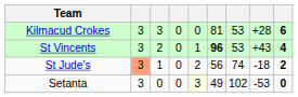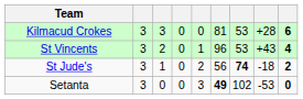 <table class="wikitable" style="text-align:center">
 <tr>
 <th style="width:175px;">Team</th>
 <th width="20"></th>
 <th width="20"></th>
 <th width="20"></th>
 <th width="20"></th>
 <th width="20"></th>
 <th width="20"></th>
 <th width="20"></th>
 <th width="20"></th>
 </tr>
 <tr style="background:#cfc;">
 <td><a href='#'>Kilmacud Crokes</a></td>
 <td>3</td>
 <td>3</td>
 <td>0</td>
 <td>0</td>
 <td>81</td>
 <td>53</td>
 <td>+28</td>
 <td><strong>6</strong></td>
 </tr>
 <tr style="background:#cfc;">
 <td><a href='#'>St Vincents</a></td>
 <td>3</td>
 <td>2</td>
 <td>0</td>
 <td>1</td>
-<td><strong>96</strong></td>
+<td>96</td>
 <td>53</td>
 <td>+43</td>
 <td><strong>4</strong></td>
 </tr>
 <tr>
 <td><a href='#'>St Jude's</a></td>
-<td style="background: lightsalmon;">3</td>
+<td>3</td>
 <td>1</td>
 <td>0</td>
 <td>2</td>
 <td>56</td>
-<td>74</td>
+<td><strong>74</strong></td>
 <td>-18</td>
 <td><strong>2</strong></td>
 </tr>
 <tr>
 <td>Setanta</td>
 <td>3</td>
 <td>0</td>
 <td>0</td>
-<td style="background: lightyellow;">3</td>
-<td>49</td>
+<td>3</td>
+<td><strong>49</strong></td>
 <td>102</td>
 <td>-53</td>
 <td><strong>0</strong></td>
 </tr>
 </table>
